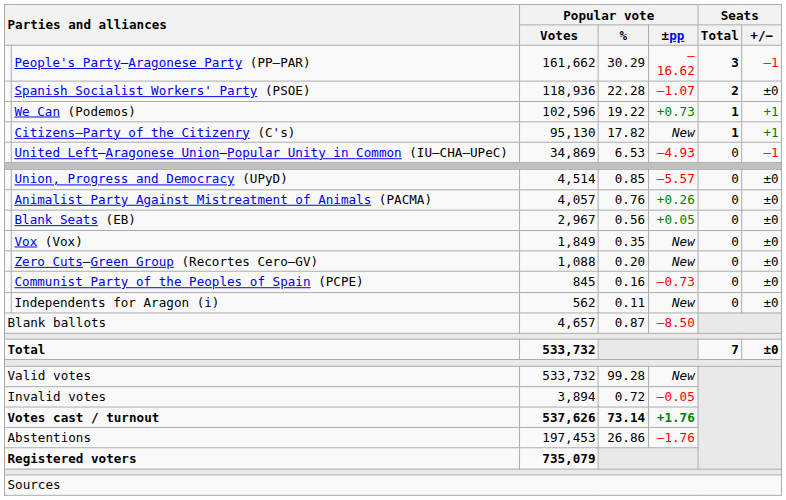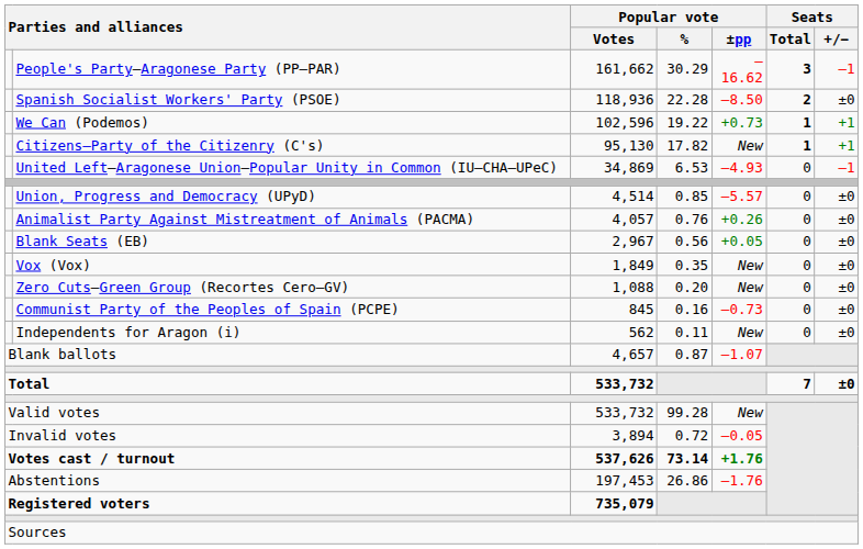 <table class="wikitable" style="text-align:right;">
 <tr>
 <th style="text-align:left;" rowspan="2" colspan="2" width="525">Parties and alliances</th>
 <th colspan="3">Popular vote</th>
 <th colspan="2">Seats</th>
 </tr>
 <tr>
 <th width="75">Votes</th>
 <th width="45">%</th>
 <th width="45">±<a href='#'>pp</a></th>
 <th width="35">Total</th>
 <th width="35">+/−</th>
 </tr>
 <tr>
 <td width="1" style="color:inherit;background:"></td>
 <td align="left"><a href='#'>People's Party</a>–<a href='#'>Aragonese Party</a> (PP–PAR)</td>
 <td>161,662</td>
 <td>30.29</td>
 <td style="color:red;">–16.62</td>
 <td><strong>3</strong></td>
 <td style="color:red;">–1</td>
 </tr>
 <tr>
 <td style="color:inherit;background:"></td>
 <td align="left"><a href='#'>Spanish Socialist Workers' Party</a> (PSOE)</td>
 <td>118,936</td>
 <td>22.28</td>
-<td style="color:red;">–1.07</td>
+<td style="color:red;">–8.50</td>
 <td><strong>2</strong></td>
 <td>±0</td>
 </tr>
 <tr>
 <td style="color:inherit;background:"></td>
 <td align="left"><a href='#'>We Can</a> (Podemos)</td>
 <td>102,596</td>
 <td>19.22</td>
 <td style="color:green;">+0.73</td>
 <td><strong>1</strong></td>
 <td style="color:green;">+1</td>
 </tr>
 <tr>
 <td style="color:inherit;background:"></td>
 <td align="left"><a href='#'>Citizens–Party of the Citizenry</a> (C's)</td>
 <td>95,130</td>
 <td>17.82</td>
 <td><em>New</em></td>
 <td><strong>1</strong></td>
 <td style="color:green;">+1</td>
 </tr>
 <tr>
 <td style="color:inherit;background:"></td>
 <td align="left"><a href='#'>United Left</a>–<a href='#'>Aragonese Union</a>–<a href='#'>Popular Unity in Common</a> (IU–CHA–UPeC)</td>
 <td>34,869</td>
 <td>6.53</td>
 <td style="color:red;">–4.93</td>
 <td>0</td>
 <td style="color:red;">–1</td>
 </tr>
 <tr>
 <td colspan="7" bgcolor="#C0C0C0"></td>
 </tr>
 <tr>
 <td style="color:inherit;background:"></td>
 <td align="left"><a href='#'>Union, Progress and Democracy</a> (UPyD)</td>
 <td>4,514</td>
 <td>0.85</td>
 <td style="color:red;">–5.57</td>
 <td>0</td>
 <td>±0</td>
 </tr>
 <tr>
 <td style="color:inherit;background:"></td>
 <td align="left"><a href='#'>Animalist Party Against Mistreatment of Animals</a> (PACMA)</td>
 <td>4,057</td>
 <td>0.76</td>
 <td style="color:green;">+0.26</td>
 <td>0</td>
 <td>±0</td>
 </tr>
 <tr>
 <td style="color:inherit;background:"></td>
 <td align="left"><a href='#'>Blank Seats</a> (EB)</td>
 <td>2,967</td>
 <td>0.56</td>
 <td style="color:green;">+0.05</td>
 <td>0</td>
 <td>±0</td>
 </tr>
 <tr>
 <td style="color:inherit;background:"></td>
 <td align="left"><a href='#'>Vox</a> (Vox)</td>
 <td>1,849</td>
 <td>0.35</td>
 <td><em>New</em></td>
 <td>0</td>
 <td>±0</td>
 </tr>
 <tr>
 <td style="color:inherit;background:"></td>
 <td align="left"><a href='#'>Zero Cuts</a>–<a href='#'>Green Group</a> (Recortes Cero–GV)</td>
 <td>1,088</td>
 <td>0.20</td>
 <td><em>New</em></td>
 <td>0</td>
 <td>±0</td>
 </tr>
 <tr>
 <td style="color:inherit;background:"></td>
 <td align="left"><a href='#'>Communist Party of the Peoples of Spain</a> (PCPE)</td>
 <td>845</td>
 <td>0.16</td>
 <td style="color:red;">–0.73</td>
 <td>0</td>
 <td>±0</td>
 </tr>
 <tr>
 <td style="color:inherit;background:"></td>
 <td align="left">Independents for Aragon (i)</td>
 <td>562</td>
 <td>0.11</td>
 <td><em>New</em></td>
 <td>0</td>
 <td>±0</td>
 </tr>
 <tr>
 <td align="left" colspan="2">Blank ballots</td>
 <td>4,657</td>
 <td>0.87</td>
-<td style="color:red;">–8.50</td>
+<td style="color:red;">–1.07</td>
 <td bgcolor="#E9E9E9" colspan="2"></td>
 </tr>
 <tr>
 <td colspan="7" bgcolor="#E9E9E9"></td>
 </tr>
 <tr style="font-weight:bold;">
 <td align="left" colspan="2">Total</td>
 <td>533,732</td>
 <td bgcolor="#E9E9E9" colspan="2"></td>
 <td>7</td>
 <td>±0</td>
 </tr>
 <tr>
 <td colspan="7" bgcolor="#E9E9E9"></td>
 </tr>
 <tr>
 <td align="left" colspan="2">Valid votes</td>
 <td>533,732</td>
 <td>99.28</td>
 <td><em>New</em></td>
 <td bgcolor="#E9E9E9" colspan="2" rowspan="5"></td>
 </tr>
 <tr>
 <td align="left" colspan="2">Invalid votes</td>
 <td>3,894</td>
 <td>0.72</td>
 <td style="color:red;">–0.05</td>
 </tr>
 <tr style="font-weight:bold;">
 <td align="left" colspan="2">Votes cast / turnout</td>
 <td>537,626</td>
 <td>73.14</td>
 <td style="color:green;">+1.76</td>
 </tr>
 <tr>
 <td align="left" colspan="2">Abstentions</td>
 <td>197,453</td>
 <td>26.86</td>
 <td style="color:red;">–1.76</td>
 </tr>
 <tr style="font-weight:bold;">
 <td align="left" colspan="2">Registered voters</td>
 <td>735,079</td>
 <td bgcolor="#E9E9E9" colspan="2"></td>
 </tr>
 <tr>
 <td colspan="7" bgcolor="#E9E9E9"></td>
 </tr>
 <tr>
 <td align="left" colspan="7">Sources</td>
 </tr>
 </table>
